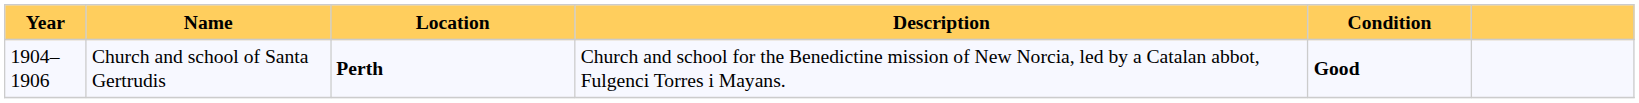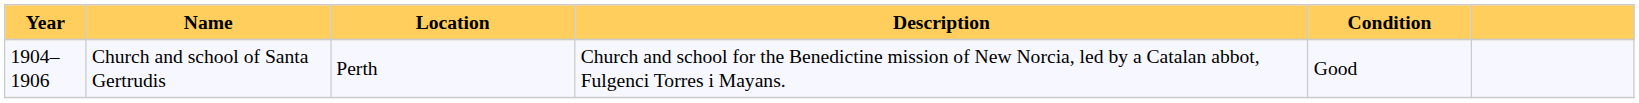 <table bgcolor="#f7f8ff" cellpadding="4" cellspacing="0" border="1" style="font-size: 95%; border: #cccccc solid 1px; border-collapse: collapse;">
 <tr>
 <th width="5%" style="background:#ffce5d;">Year</th>
 <th width="15%" style="background:#ffce5d;">Name</th>
 <th width="15%" style="background:#ffce5d;">Location</th>
 <th width="45%" style="background:#ffce5d;">Description</th>
 <th width="10%" style="background:#ffce5d;">Condition</th>
 <th width="10%" style="background:#ffce5d;"></th>
 </tr>
 <tr ---->
 </tr>
 <tr>
 <td>1904–1906</td>
 <td>Church and school of Santa Gertrudis</td>
-<td><strong>Perth</strong></td>
+<td>Perth</td>
 <td New Norcia>Church and school for the Benedictine mission of New Norcia, led by a Catalan abbot, Fulgenci Torres i Mayans.</td>
-<td><strong>Good</strong></td>
+<td>Good</td>
 <td></td>
 </tr>
 <tr>
 </tr>
 </table>
